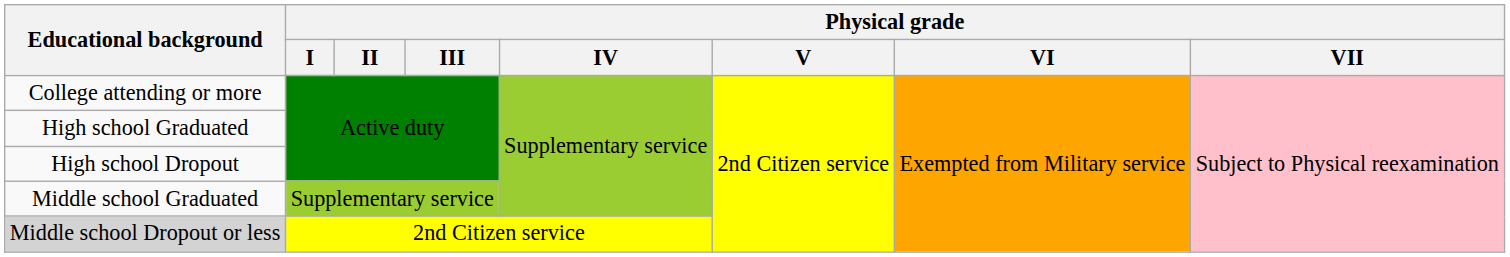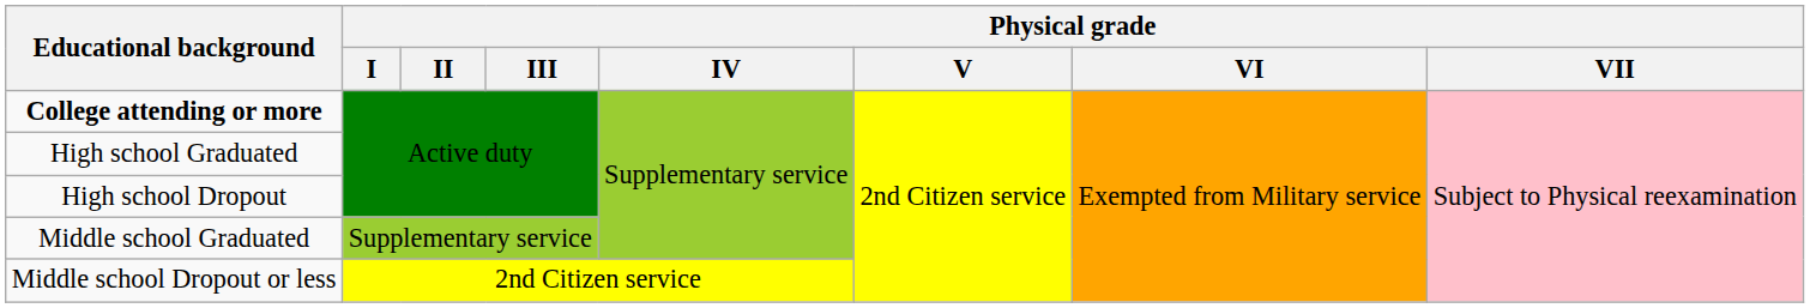 <table class="wikitable">
 <tr>
 <th rowspan="2">Educational background</th>
 <th colspan="7">Physical grade</th>
 </tr>
 <tr>
 <th>I</th>
 <th>II</th>
 <th>III</th>
 <th>IV</th>
 <th>V</th>
 <th>VI</th>
 <th>VII</th>
 </tr>
 <tr>
-<td div style="text-align:center">College attending or more</td>
+<td div style="text-align:center"><strong>College attending or more</strong></td>
 <td colspan="3" rowspan="3" div style="background:green; text-align:center;">Active duty</td>
 <td rowspan="4" div style="background:yellowgreen; text-align:center;">Supplementary service</td>
 <td rowspan="5" div style="background:yellow; text-align:center;">2nd Citizen service</td>
 <td rowspan="5" div style="background:orange; text-align:center;">Exempted from Military service</td>
 <td rowspan="5" div style="background:pink; text-align:center;">Subject to Physical reexamination</td>
 </tr>
 <tr>
 <td div style="text-align:center">High school Graduated</td>
 </tr>
 <tr>
 <td div style="text-align:center">High school Dropout</td>
 </tr>
 <tr>
 <td div style="text-align:center">Middle school Graduated</td>
 <td colspan="3" div style="background:yellowgreen; text-align:center;">Supplementary service</td>
 </tr>
 <tr>
-<td div style="background: lightgrey; text-align:center">Middle school Dropout or less</td>
+<td div style="text-align:center">Middle school Dropout or less</td>
 <td colspan="4" div style="background:yellow; text-align:center;">2nd Citizen service</td>
 </tr>
 </table>
